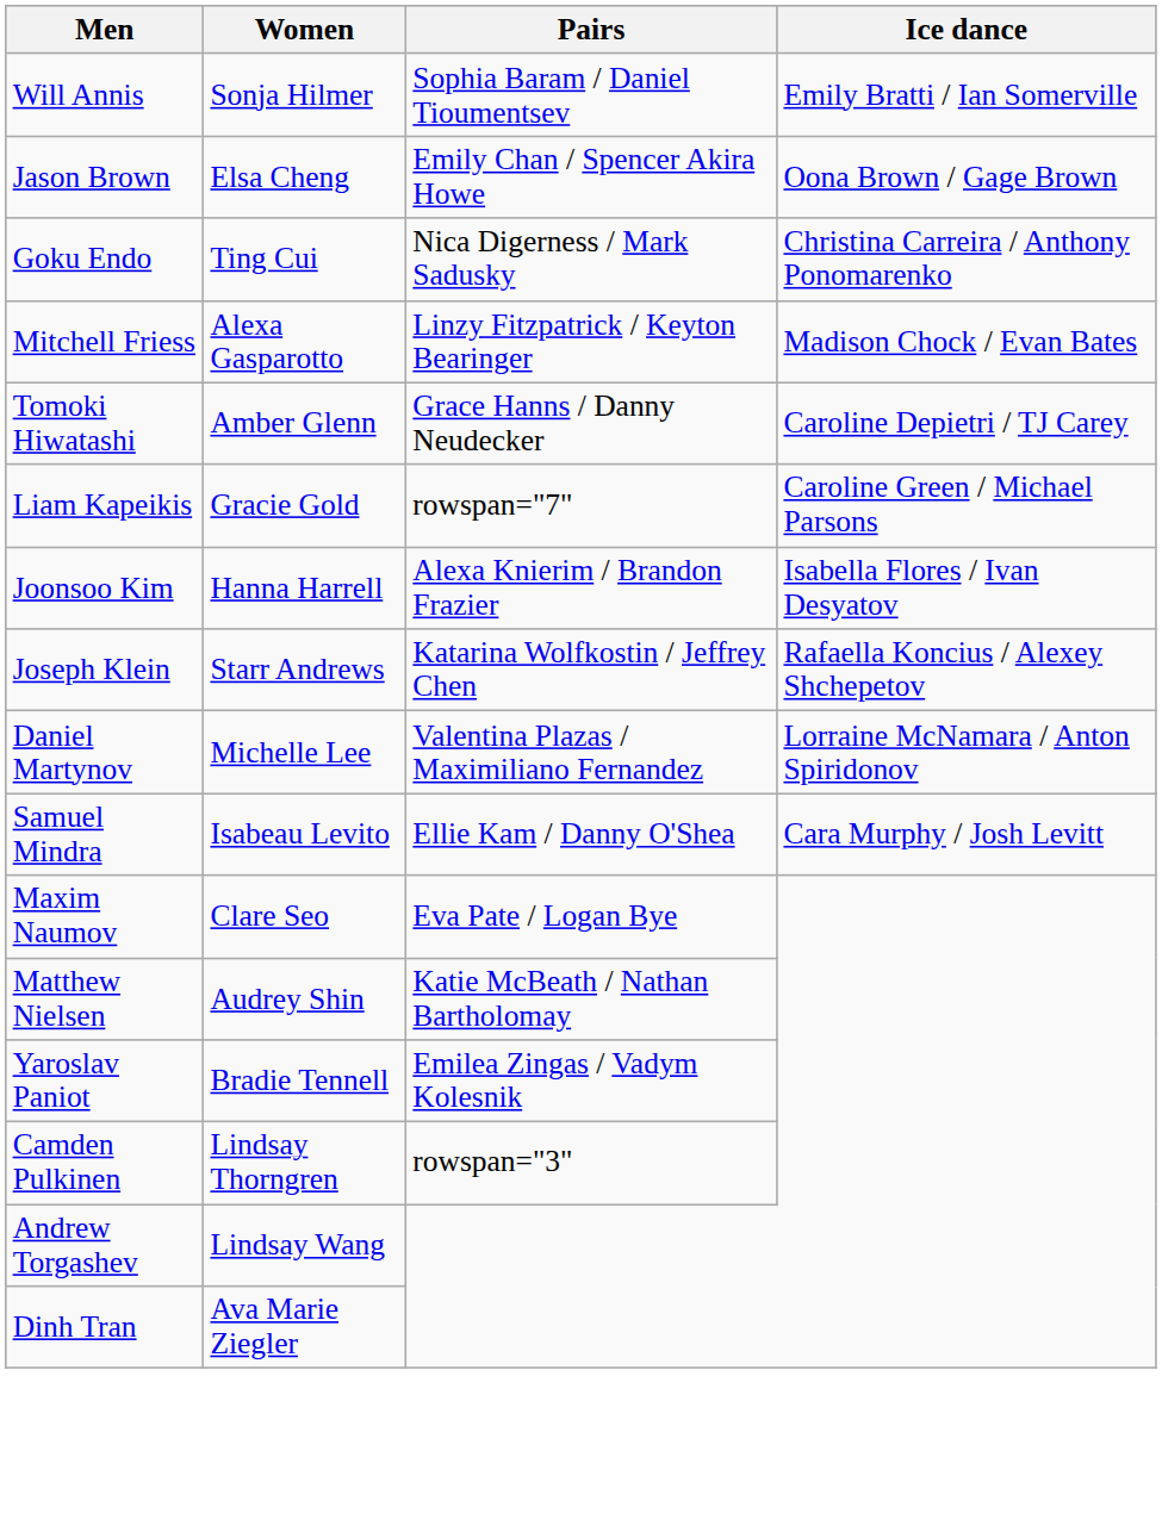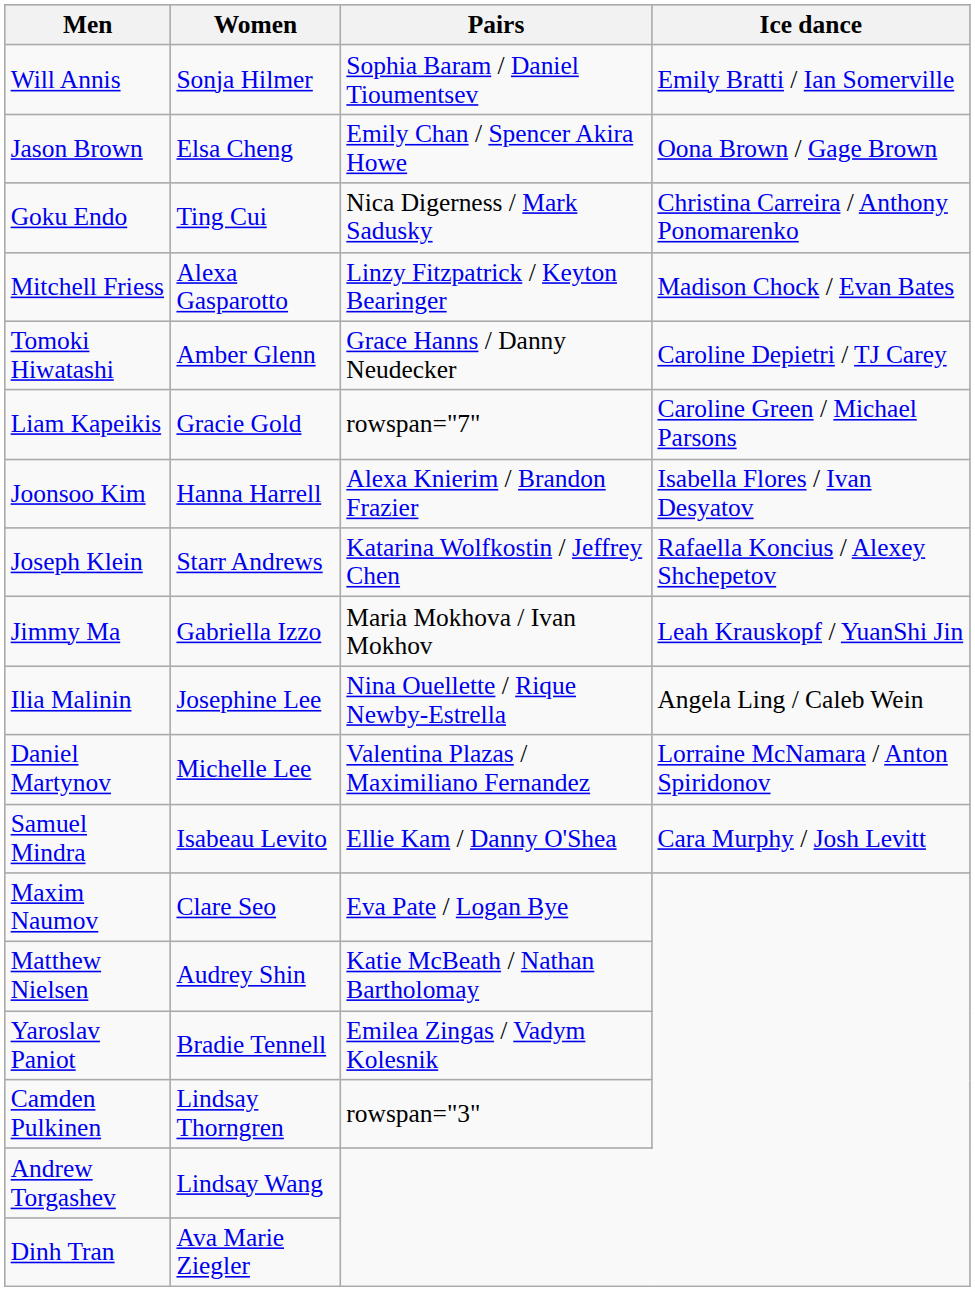 <table class="wikitable unsortable">
 <tr>
 <th scope="col">Men</th>
 <th scope="col">Women</th>
 <th scope="col">Pairs</th>
 <th scope="col">Ice dance</th>
 </tr>
 <tr>
 <td><a href='#'>Will Annis</a></td>
 <td><a href='#'>Sonja Hilmer</a></td>
 <td><a href='#'>Sophia Baram</a> / <a href='#'>Daniel Tioumentsev</a></td>
 <td><a href='#'>Emily Bratti</a> / <a href='#'>Ian Somerville</a></td>
 </tr>
 <tr>
 <td><a href='#'>Jason Brown</a></td>
 <td><a href='#'>Elsa Cheng</a></td>
 <td><a href='#'>Emily Chan</a> / <a href='#'>Spencer Akira Howe</a></td>
 <td><a href='#'>Oona Brown</a> / <a href='#'>Gage Brown</a></td>
 </tr>
 <tr>
 <td><a href='#'>Goku Endo</a></td>
 <td><a href='#'>Ting Cui</a></td>
 <td>Nica Digerness / <a href='#'>Mark Sadusky</a></td>
 <td><a href='#'>Christina Carreira</a> / <a href='#'>Anthony Ponomarenko</a></td>
 </tr>
 <tr>
 <td><a href='#'>Mitchell Friess</a></td>
 <td><a href='#'>Alexa Gasparotto</a></td>
 <td><a href='#'>Linzy Fitzpatrick</a> / <a href='#'>Keyton Bearinger</a></td>
 <td><a href='#'>Madison Chock</a> / <a href='#'>Evan Bates</a></td>
 </tr>
 <tr>
 <td><a href='#'>Tomoki Hiwatashi</a></td>
 <td><a href='#'>Amber Glenn</a></td>
 <td><a href='#'>Grace Hanns</a> / Danny Neudecker</td>
 <td><a href='#'>Caroline Depietri</a> / <a href='#'>TJ Carey</a></td>
 </tr>
 <tr>
 <td><a href='#'>Liam Kapeikis</a></td>
 <td><a href='#'>Gracie Gold</a></td>
 <td>rowspan="7" </td>
 <td><a href='#'>Caroline Green</a> / <a href='#'>Michael Parsons</a></td>
 </tr>
 <tr>
 <td><a href='#'>Joonsoo Kim</a></td>
 <td><a href='#'>Hanna Harrell</a></td>
 <td><a href='#'>Alexa Knierim</a> / <a href='#'>Brandon Frazier</a></td>
 <td><a href='#'>Isabella Flores</a> / <a href='#'>Ivan Desyatov</a></td>
 </tr>
 <tr>
 <td><a href='#'>Joseph Klein</a></td>
 <td><a href='#'>Starr Andrews</a></td>
 <td><a href='#'>Katarina Wolfkostin</a> / <a href='#'>Jeffrey Chen</a></td>
 <td><a href='#'>Rafaella Koncius</a> / <a href='#'>Alexey Shchepetov</a></td>
 </tr>
 <tr>
+<td><a href='#'>Jimmy Ma</a></td>
+<td><a href='#'>Gabriella Izzo</a></td>
+<td>Maria Mokhova / Ivan Mokhov</td>
+<td><a href='#'>Leah Krauskopf</a> / <a href='#'>YuanShi Jin</a></td>
+</tr>
+<tr>
+<td><a href='#'>Ilia Malinin</a></td>
+<td><a href='#'>Josephine Lee</a></td>
+<td><a href='#'>Nina Ouellette</a> / <a href='#'>Rique Newby-Estrella</a></td>
+<td>Angela Ling / Caleb Wein</td>
+</tr>
+<tr>
 <td><a href='#'>Daniel Martynov</a></td>
 <td><a href='#'> Michelle Lee</a></td>
 <td><a href='#'>Valentina Plazas</a> / <a href='#'>Maximiliano Fernandez</a></td>
 <td><a href='#'>Lorraine McNamara</a> / <a href='#'>Anton Spiridonov</a></td>
 </tr>
 <tr>
 <td><a href='#'>Samuel Mindra</a></td>
 <td><a href='#'>Isabeau Levito</a></td>
 <td><a href='#'>Ellie Kam</a> / <a href='#'>Danny O'Shea</a></td>
 <td><a href='#'>Cara Murphy</a> / <a href='#'>Josh Levitt</a></td>
 </tr>
 <tr>
 <td><a href='#'>Maxim Naumov</a></td>
 <td><a href='#'>Clare Seo</a></td>
 <td><a href='#'>Eva Pate</a> / <a href='#'>Logan Bye</a></td>
 </tr>
 <tr>
 <td><a href='#'> Matthew Nielsen</a></td>
 <td><a href='#'>Audrey Shin</a></td>
 <td><a href='#'>Katie McBeath</a> / <a href='#'>Nathan Bartholomay</a></td>
 </tr>
 <tr>
 <td><a href='#'>Yaroslav Paniot</a></td>
 <td><a href='#'>Bradie Tennell</a></td>
 <td><a href='#'>Emilea Zingas</a> / <a href='#'>Vadym Kolesnik</a></td>
 </tr>
 <tr>
 <td><a href='#'>Camden Pulkinen</a></td>
 <td><a href='#'>Lindsay Thorngren</a></td>
 <td>rowspan="3" </td>
 </tr>
 <tr>
 <td><a href='#'>Andrew Torgashev</a></td>
 <td><a href='#'>Lindsay Wang</a></td>
 </tr>
 <tr>
 <td><a href='#'>Dinh Tran</a></td>
 <td><a href='#'>Ava Marie Ziegler</a></td>
 </tr>
 </table>
